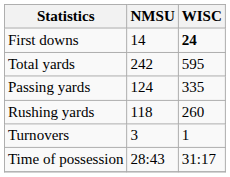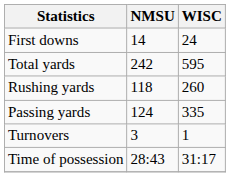 <table class="wikitable" style="float: left;">
 <tr>
 <th>Statistics</th>
 <th>NMSU</th>
 <th>WISC</th>
 </tr>
 <tr>
 <td>First downs</td>
 <td>14</td>
-<td><strong>24</strong></td>
+<td>24</td>
 </tr>
 <tr>
 <td>Total yards</td>
 <td>242</td>
 <td>595</td>
 </tr>
 <tr>
+<td>Rushing yards</td>
+<td>118</td>
+<td>260</td>
+</tr>
+<tr>
 <td>Passing yards</td>
 <td>124</td>
 <td>335</td>
-</tr>
-<tr>
-<td>Rushing yards</td>
-<td>118</td>
-<td>260</td>
 </tr>
 <tr>
 <td>Turnovers</td>
 <td>3</td>
 <td>1</td>
 </tr>
 <tr>
 <td>Time of possession</td>
 <td>28:43</td>
 <td>31:17</td>
 </tr>
 <tr>
 </tr>
 </table>
